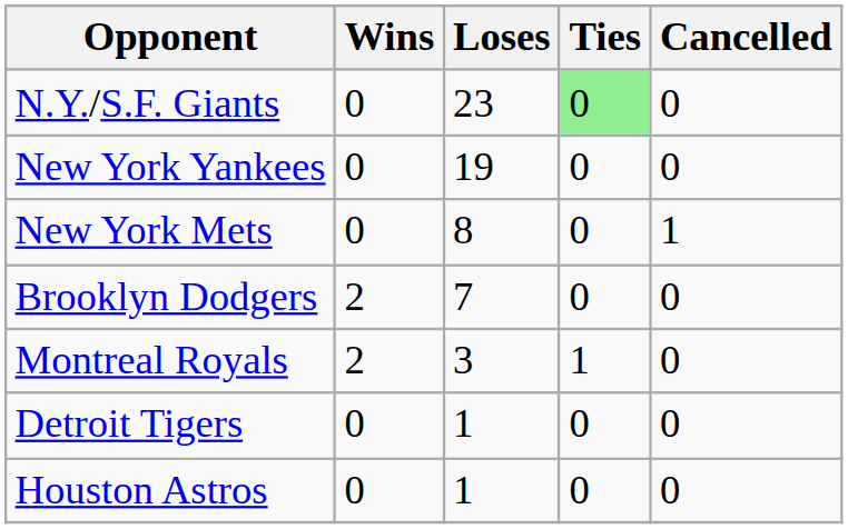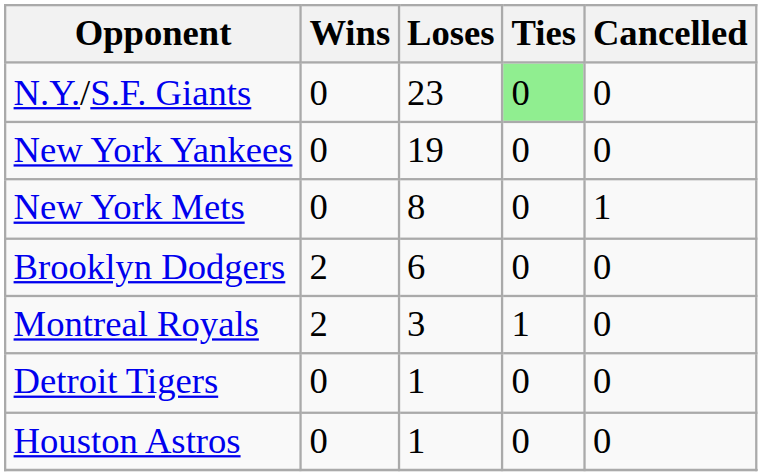 <table class="wikitable">
 <tr>
 <th>Opponent</th>
 <th>Wins</th>
 <th>Loses</th>
 <th>Ties</th>
 <th>Cancelled</th>
 </tr>
 <tr>
 <td><a href='#'>N.Y.</a>/<a href='#'>S.F. Giants</a></td>
 <td>0</td>
 <td>23</td>
 <td style="background: lightgreen;">0</td>
 <td>0</td>
 </tr>
 <tr>
 <td><a href='#'>New York Yankees</a></td>
 <td>0</td>
 <td>19</td>
 <td>0</td>
 <td>0</td>
 </tr>
 <tr>
 <td><a href='#'>New York Mets</a></td>
 <td>0</td>
 <td>8</td>
 <td>0</td>
 <td>1</td>
 </tr>
 <tr>
 <td><a href='#'>Brooklyn Dodgers</a></td>
 <td>2</td>
-<td>7</td>
+<td>6</td>
 <td>0</td>
 <td>0</td>
 </tr>
 <tr>
 <td><a href='#'>Montreal Royals</a></td>
 <td>2</td>
 <td>3</td>
 <td>1</td>
 <td>0</td>
 </tr>
 <tr>
 <td><a href='#'>Detroit Tigers</a></td>
 <td>0</td>
 <td>1</td>
 <td>0</td>
 <td>0</td>
 </tr>
 <tr>
 <td><a href='#'>Houston Astros</a></td>
 <td>0</td>
 <td>1</td>
 <td>0</td>
 <td>0</td>
 </tr>
 <tr>
 </tr>
 </table>
